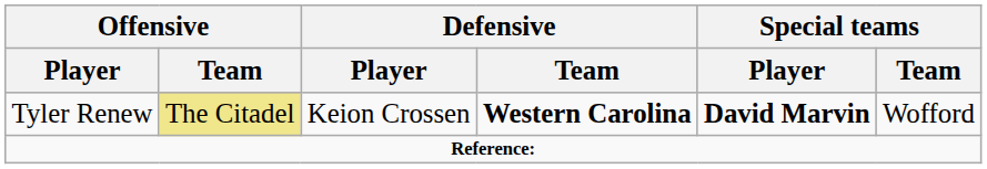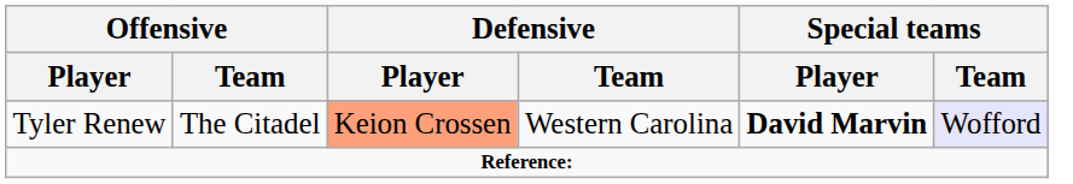 <table class="wikitable" border="1">
 <tr>
 <th colspan="2">Offensive</th>
 <th colspan="2">Defensive</th>
 <th colspan="2">Special teams</th>
 </tr>
 <tr>
 <th>Player</th>
 <th>Team</th>
 <th>Player</th>
 <th>Team</th>
 <th>Player</th>
 <th>Team</th>
 </tr>
 <tr>
 <td>Tyler Renew</td>
-<td style="background: khaki;">The Citadel</td>
-<td>Keion Crossen</td>
-<td><strong>Western Carolina</strong></td>
+<td>The Citadel</td>
+<td style="background: lightsalmon;">Keion Crossen</td>
+<td>Western Carolina</td>
 <td><strong>David Marvin</strong></td>
-<td>Wofford</td>
+<td style="background: lavender;">Wofford</td>
 </tr>
 <tr>
 <td colspan="8" style="font-size: 8pt" align="center"><strong>Reference: </strong></td>
 </tr>
 </table>
